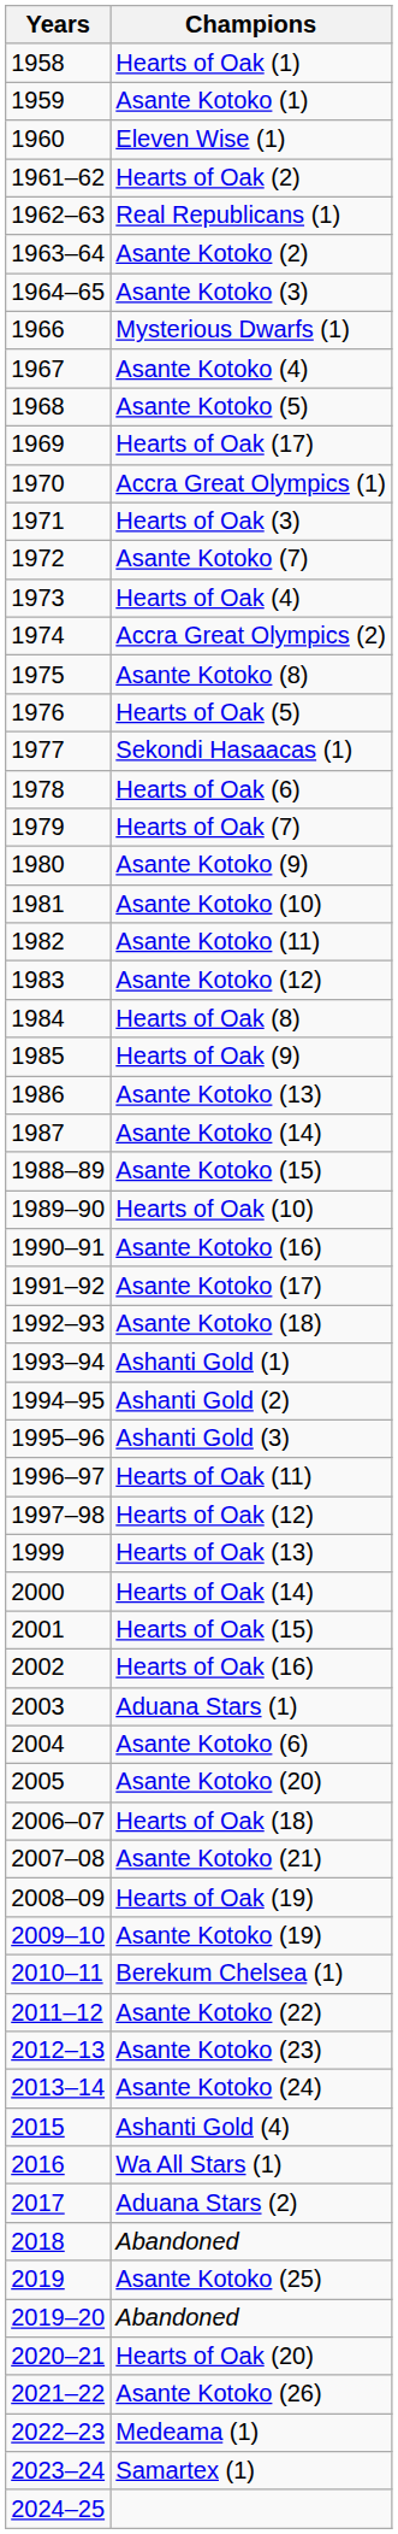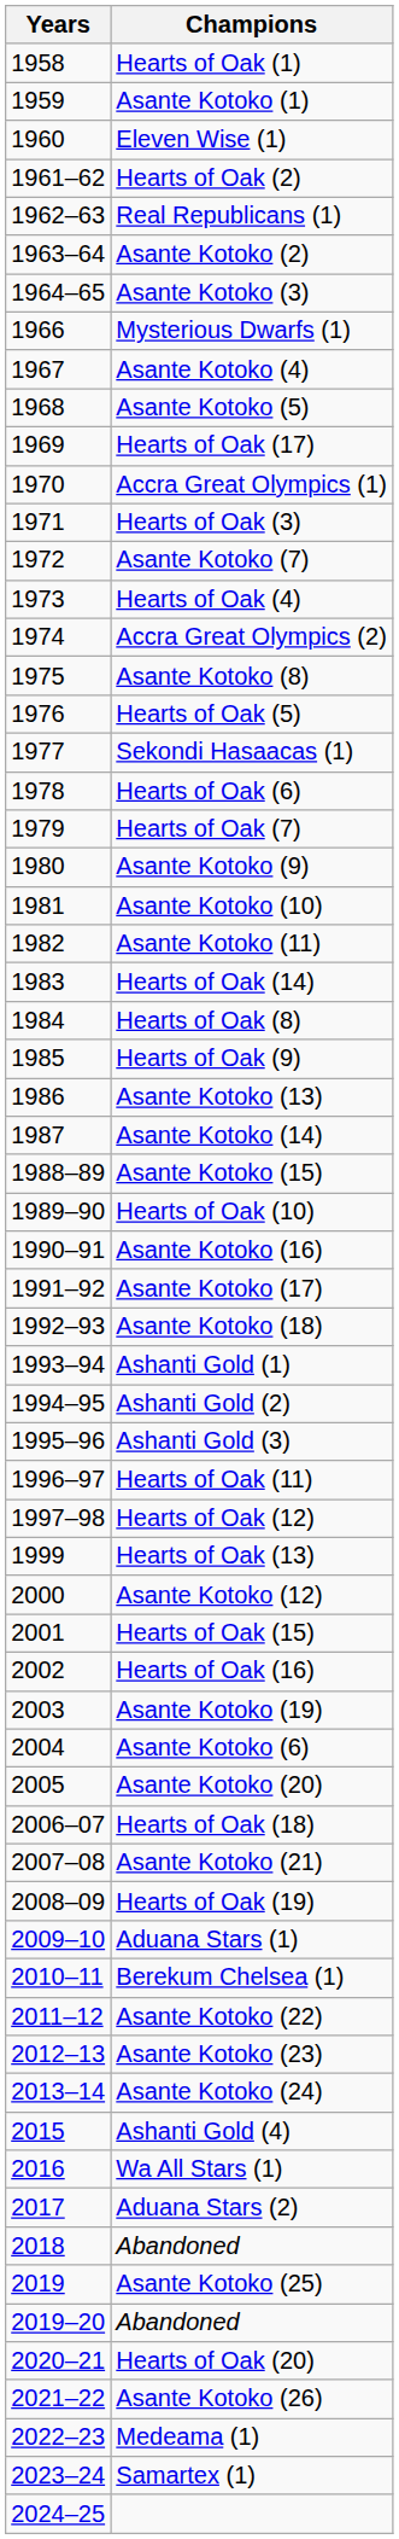 <table class="wikitable">
 <tr>
 <th>Years</th>
 <th>Champions</th>
 </tr>
 <tr>
 <td>1958</td>
 <td><a href='#'>Hearts of Oak</a> (1)</td>
 </tr>
 <tr>
 <td>1959</td>
 <td><a href='#'>Asante Kotoko</a> (1)</td>
 </tr>
 <tr>
 <td>1960</td>
 <td><a href='#'>Eleven Wise</a> (1)</td>
 </tr>
 <tr>
 <td>1961–62</td>
 <td><a href='#'>Hearts of Oak</a> (2)</td>
 </tr>
 <tr>
 <td>1962–63</td>
 <td><a href='#'>Real Republicans</a> (1)</td>
 </tr>
 <tr>
 <td>1963–64</td>
 <td><a href='#'>Asante Kotoko</a> (2)</td>
 </tr>
 <tr>
 <td>1964–65</td>
 <td><a href='#'>Asante Kotoko</a> (3)</td>
 </tr>
 <tr>
 <td>1966</td>
 <td><a href='#'>Mysterious Dwarfs</a> (1)</td>
 </tr>
 <tr>
 <td>1967</td>
 <td><a href='#'>Asante Kotoko</a> (4)</td>
 </tr>
 <tr>
 <td>1968</td>
 <td><a href='#'>Asante Kotoko</a> (5)</td>
 </tr>
 <tr>
 <td>1969</td>
 <td><a href='#'>Hearts of Oak</a> (17)</td>
 </tr>
 <tr>
 <td>1970</td>
 <td><a href='#'>Accra Great Olympics</a> (1)</td>
 </tr>
 <tr>
 <td>1971</td>
 <td><a href='#'>Hearts of Oak</a> (3)</td>
 </tr>
 <tr>
 <td>1972</td>
 <td><a href='#'>Asante Kotoko</a> (7)</td>
 </tr>
 <tr>
 <td>1973</td>
 <td><a href='#'>Hearts of Oak</a> (4)</td>
 </tr>
 <tr>
 <td>1974</td>
 <td><a href='#'>Accra Great Olympics</a> (2)</td>
 </tr>
 <tr>
 <td>1975</td>
 <td><a href='#'>Asante Kotoko</a> (8)</td>
 </tr>
 <tr>
 <td>1976</td>
 <td><a href='#'>Hearts of Oak</a> (5)</td>
 </tr>
 <tr>
 <td>1977</td>
 <td><a href='#'>Sekondi Hasaacas</a> (1)</td>
 </tr>
 <tr>
 <td>1978</td>
 <td><a href='#'>Hearts of Oak</a> (6)</td>
 </tr>
 <tr>
 <td>1979</td>
 <td><a href='#'>Hearts of Oak</a> (7)</td>
 </tr>
 <tr>
 <td>1980</td>
 <td><a href='#'>Asante Kotoko</a> (9)</td>
 </tr>
 <tr>
 <td>1981</td>
 <td><a href='#'>Asante Kotoko</a> (10)</td>
 </tr>
 <tr>
 <td>1982</td>
 <td><a href='#'>Asante Kotoko</a> (11)</td>
 </tr>
 <tr>
 <td>1983</td>
-<td><a href='#'>Asante Kotoko</a> (12)</td>
+<td><a href='#'>Hearts of Oak</a> (14)</td>
 </tr>
 <tr>
 <td>1984</td>
 <td><a href='#'>Hearts of Oak</a> (8)</td>
 </tr>
 <tr>
 <td>1985</td>
 <td><a href='#'>Hearts of Oak</a> (9)</td>
 </tr>
 <tr>
 <td>1986</td>
 <td><a href='#'>Asante Kotoko</a> (13)</td>
 </tr>
 <tr>
 <td>1987</td>
 <td><a href='#'>Asante Kotoko</a> (14)</td>
 </tr>
 <tr>
 <td>1988–89</td>
 <td><a href='#'>Asante Kotoko</a> (15)</td>
 </tr>
 <tr>
 <td>1989–90</td>
 <td><a href='#'>Hearts of Oak</a> (10)</td>
 </tr>
 <tr>
 <td>1990–91</td>
 <td><a href='#'>Asante Kotoko</a> (16)</td>
 </tr>
 <tr>
 <td>1991–92</td>
 <td><a href='#'>Asante Kotoko</a> (17)</td>
 </tr>
 <tr>
 <td>1992–93</td>
 <td><a href='#'>Asante Kotoko</a> (18)</td>
 </tr>
 <tr>
 <td>1993–94</td>
 <td><a href='#'>Ashanti Gold</a> (1)</td>
 </tr>
 <tr>
 <td>1994–95</td>
 <td><a href='#'>Ashanti Gold</a> (2)</td>
 </tr>
 <tr>
 <td>1995–96</td>
 <td><a href='#'>Ashanti Gold</a> (3)</td>
 </tr>
 <tr>
 <td>1996–97</td>
 <td><a href='#'>Hearts of Oak</a> (11)</td>
 </tr>
 <tr>
 <td>1997–98</td>
 <td><a href='#'>Hearts of Oak</a> (12)</td>
 </tr>
 <tr>
 <td>1999</td>
 <td><a href='#'>Hearts of Oak</a> (13)</td>
 </tr>
 <tr>
 <td>2000</td>
-<td><a href='#'>Hearts of Oak</a> (14)</td>
+<td><a href='#'>Asante Kotoko</a> (12)</td>
 </tr>
 <tr>
 <td>2001</td>
 <td><a href='#'>Hearts of Oak</a> (15)</td>
 </tr>
 <tr>
 <td>2002</td>
 <td><a href='#'>Hearts of Oak</a> (16)</td>
 </tr>
 <tr>
 <td>2003</td>
-<td><a href='#'>Aduana Stars</a> (1)</td>
+<td><a href='#'>Asante Kotoko</a> (19)</td>
 </tr>
 <tr>
 <td>2004</td>
 <td><a href='#'>Asante Kotoko</a> (6)</td>
 </tr>
 <tr>
 <td>2005</td>
 <td><a href='#'>Asante Kotoko</a> (20)</td>
 </tr>
 <tr>
 <td>2006–07</td>
 <td><a href='#'>Hearts of Oak</a> (18)</td>
 </tr>
 <tr>
 <td>2007–08</td>
 <td><a href='#'>Asante Kotoko</a> (21)</td>
 </tr>
 <tr>
 <td>2008–09</td>
 <td><a href='#'>Hearts of Oak</a> (19)</td>
 </tr>
 <tr>
 <td><a href='#'>2009–10</a></td>
-<td><a href='#'>Asante Kotoko</a> (19)</td>
+<td><a href='#'>Aduana Stars</a> (1)</td>
 </tr>
 <tr>
 <td><a href='#'>2010–11</a></td>
 <td><a href='#'>Berekum Chelsea</a> (1)</td>
 </tr>
 <tr>
 <td><a href='#'>2011–12</a></td>
 <td><a href='#'>Asante Kotoko</a> (22)</td>
 </tr>
 <tr>
 <td><a href='#'>2012–13</a></td>
 <td><a href='#'>Asante Kotoko</a> (23)</td>
 </tr>
 <tr>
 <td><a href='#'>2013–14</a></td>
 <td><a href='#'>Asante Kotoko</a> (24)</td>
 </tr>
 <tr>
 <td><a href='#'>2015</a></td>
 <td><a href='#'>Ashanti Gold</a> (4)</td>
 </tr>
 <tr>
 <td><a href='#'>2016</a></td>
 <td><a href='#'>Wa All Stars</a> (1)</td>
 </tr>
 <tr>
 <td><a href='#'>2017</a></td>
 <td><a href='#'>Aduana Stars</a> (2)</td>
 </tr>
 <tr>
 <td><a href='#'>2018</a></td>
 <td><em>Abandoned</em></td>
 </tr>
 <tr>
 <td><a href='#'>2019</a></td>
 <td><a href='#'>Asante Kotoko</a> (25)</td>
 </tr>
 <tr>
 <td><a href='#'>2019–20</a></td>
 <td><em>Abandoned</em></td>
 </tr>
 <tr>
 <td><a href='#'>2020–21</a></td>
 <td><a href='#'>Hearts of Oak</a> (20)</td>
 </tr>
 <tr>
 <td><a href='#'>2021–22</a></td>
 <td><a href='#'>Asante Kotoko</a> (26)</td>
 </tr>
 <tr>
 <td><a href='#'>2022–23</a></td>
 <td><a href='#'>Medeama</a> (1)</td>
 </tr>
 <tr>
 <td><a href='#'>2023–24</a></td>
 <td><a href='#'>Samartex</a> (1)</td>
 </tr>
 <tr>
 <td><a href='#'>2024–25</a></td>
 <td></td>
 </tr>
 </table>
